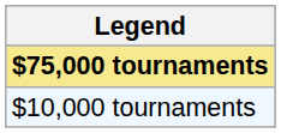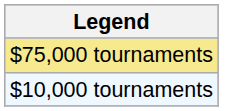 <table class="wikitable" style="font-size:85%;">
 <tr>
 <th>Legend</th>
 </tr>
 <tr bgcolor="F7E98E">
-<td><strong>$75,000 tournaments</strong></td>
+<td>$75,000 tournaments</td>
 </tr>
 <tr bgcolor="f0f8ff">
 <td>$10,000 tournaments</td>
 </tr>
 </table>
